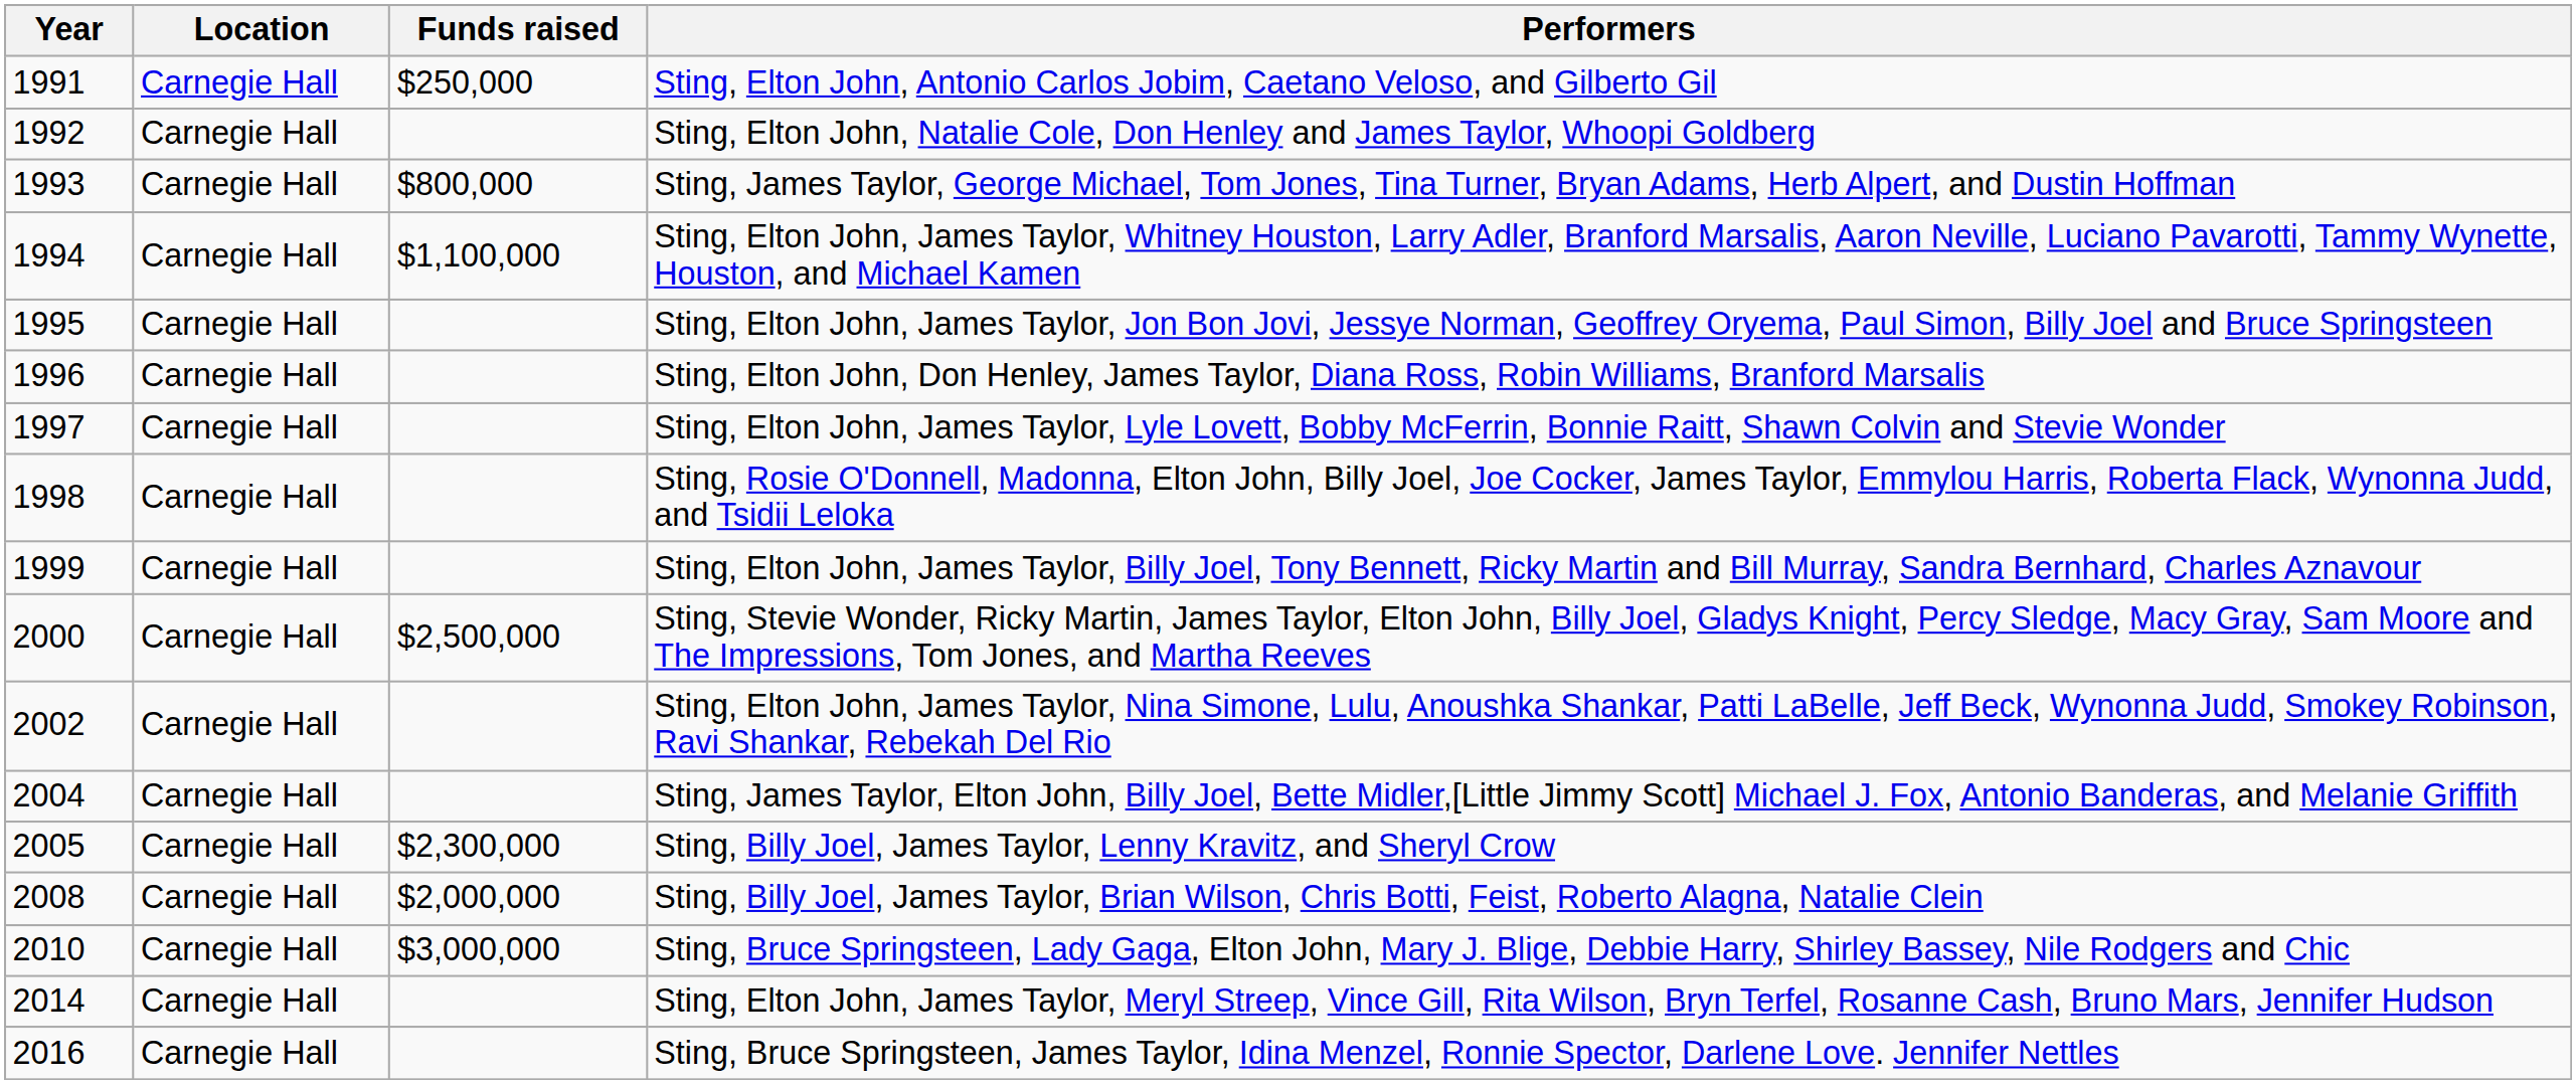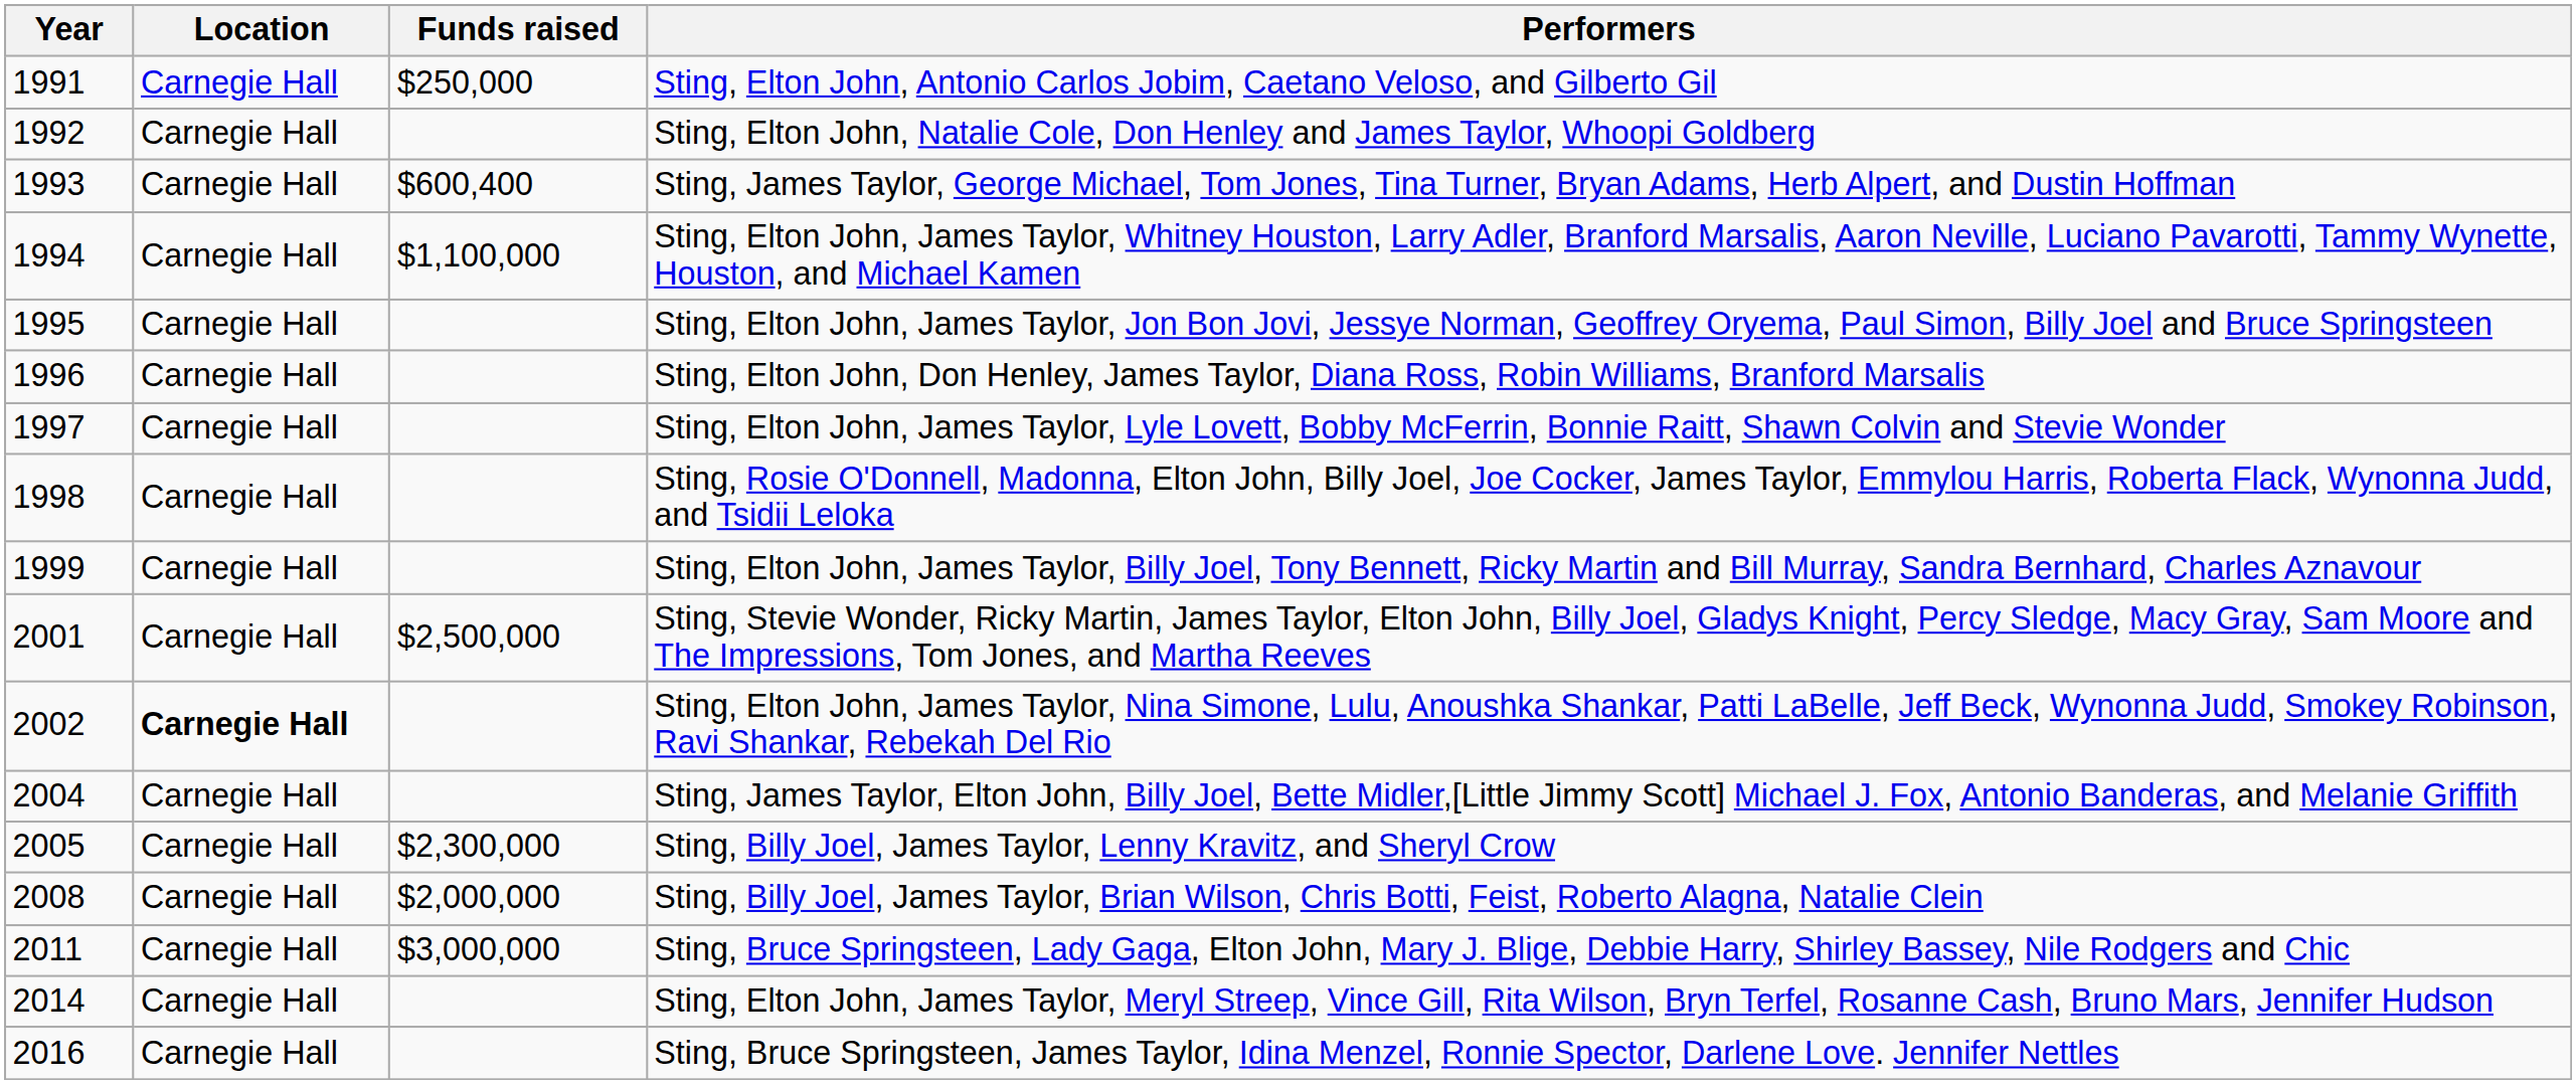 <table class="wikitable sortable collapsible" style="width:100%">
 <tr>
 <th width=5%>Year</th>
 <th width=10%>Location</th>
 <th width=10%>Funds raised</th>
 <th width=75%>Performers</th>
 </tr>
 <tr>
 <td>1991</td>
 <td><a href='#'>Carnegie Hall</a></td>
 <td>$250,000</td>
 <td><a href='#'>Sting</a>, <a href='#'>Elton John</a>, <a href='#'>Antonio Carlos Jobim</a>, <a href='#'>Caetano Veloso</a>, and <a href='#'>Gilberto Gil</a></td>
 </tr>
 <tr>
 <td>1992</td>
 <td>Carnegie Hall</td>
 <td></td>
 <td>Sting, Elton John, <a href='#'>Natalie Cole</a>, <a href='#'>Don Henley</a> and <a href='#'>James Taylor</a>, <a href='#'>Whoopi Goldberg</a></td>
 </tr>
 <tr>
 <td>1993</td>
 <td>Carnegie Hall</td>
-<td>$800,000</td>
+<td>$600,400</td>
 <td>Sting, James Taylor, <a href='#'>George Michael</a>, <a href='#'>Tom Jones</a>, <a href='#'>Tina Turner</a>, <a href='#'>Bryan Adams</a>, <a href='#'>Herb Alpert</a>, and <a href='#'>Dustin Hoffman</a></td>
 </tr>
 <tr>
 <td>1994</td>
 <td>Carnegie Hall</td>
 <td>$1,100,000</td>
 <td>Sting, Elton John, James Taylor, <a href='#'>Whitney Houston</a>, <a href='#'>Larry Adler</a>, <a href='#'>Branford Marsalis</a>, <a href='#'>Aaron Neville</a>, <a href='#'>Luciano Pavarotti</a>, <a href='#'>Tammy Wynette</a>, <a href='#'>Houston</a>, and <a href='#'>Michael Kamen</a></td>
 </tr>
 <tr>
 <td>1995</td>
 <td>Carnegie Hall</td>
 <td></td>
 <td>Sting, Elton John, James Taylor, <a href='#'>Jon Bon Jovi</a>, <a href='#'>Jessye Norman</a>, <a href='#'>Geoffrey Oryema</a>, <a href='#'>Paul Simon</a>, <a href='#'>Billy Joel</a> and <a href='#'>Bruce Springsteen</a></td>
 </tr>
 <tr>
 <td>1996</td>
 <td>Carnegie Hall</td>
 <td></td>
 <td>Sting, Elton John, Don Henley, James Taylor, <a href='#'>Diana Ross</a>, <a href='#'>Robin Williams</a>, <a href='#'>Branford Marsalis</a></td>
 </tr>
 <tr>
 <td>1997</td>
 <td>Carnegie Hall</td>
 <td></td>
 <td>Sting, Elton John, James Taylor, <a href='#'>Lyle Lovett</a>, <a href='#'>Bobby McFerrin</a>, <a href='#'>Bonnie Raitt</a>, <a href='#'>Shawn Colvin</a> and <a href='#'>Stevie Wonder</a></td>
 </tr>
 <tr>
 <td>1998</td>
 <td>Carnegie Hall</td>
 <td></td>
 <td>Sting, <a href='#'>Rosie O'Donnell</a>, <a href='#'>Madonna</a>, Elton John, Billy Joel, <a href='#'>Joe Cocker</a>, James Taylor, <a href='#'>Emmylou Harris</a>, <a href='#'>Roberta Flack</a>, <a href='#'>Wynonna Judd</a>, and <a href='#'>Tsidii Leloka</a></td>
 </tr>
 <tr>
 <td>1999</td>
 <td>Carnegie Hall</td>
 <td></td>
 <td>Sting, Elton John, James Taylor, <a href='#'>Billy Joel</a>, <a href='#'>Tony Bennett</a>, <a href='#'>Ricky Martin</a> and <a href='#'>Bill Murray</a>, <a href='#'>Sandra Bernhard</a>, <a href='#'>Charles Aznavour</a></td>
 </tr>
 <tr>
-<td>2000</td>
+<td>2001</td>
 <td>Carnegie Hall</td>
 <td>$2,500,000</td>
 <td>Sting, Stevie Wonder, Ricky Martin, James Taylor, Elton John, <a href='#'>Billy Joel</a>, <a href='#'>Gladys Knight</a>, <a href='#'>Percy Sledge</a>, <a href='#'>Macy Gray</a>, <a href='#'>Sam Moore</a> and <a href='#'>The Impressions</a>, Tom Jones, and <a href='#'>Martha Reeves</a></td>
 </tr>
 <tr>
 <td>2002</td>
-<td>Carnegie Hall</td>
+<td><strong>Carnegie Hall</strong></td>
 <td></td>
 <td>Sting, Elton John, James Taylor, <a href='#'>Nina Simone</a>, <a href='#'>Lulu</a>, <a href='#'>Anoushka Shankar</a>, <a href='#'>Patti LaBelle</a>, <a href='#'>Jeff Beck</a>, <a href='#'>Wynonna Judd</a>, <a href='#'>Smokey Robinson</a>, <a href='#'>Ravi Shankar</a>, <a href='#'>Rebekah Del Rio</a>  </td>
 </tr>
 <tr>
 <td>2004</td>
 <td>Carnegie Hall</td>
 <td></td>
 <td>Sting, James Taylor, Elton John, <a href='#'>Billy Joel</a>, <a href='#'>Bette Midler</a>,[Little Jimmy Scott] <a href='#'>Michael J. Fox</a>, <a href='#'>Antonio Banderas</a>, and <a href='#'>Melanie Griffith</a></td>
 </tr>
 <tr>
 <td>2005</td>
 <td>Carnegie Hall</td>
 <td>$2,300,000</td>
 <td>Sting, <a href='#'>Billy Joel</a>, James Taylor, <a href='#'>Lenny Kravitz</a>, and <a href='#'>Sheryl Crow</a></td>
 </tr>
 <tr>
 <td>2008</td>
 <td>Carnegie Hall</td>
 <td>$2,000,000</td>
 <td>Sting, <a href='#'>Billy Joel</a>, James Taylor, <a href='#'>Brian Wilson</a>, <a href='#'>Chris Botti</a>, <a href='#'>Feist</a>, <a href='#'>Roberto Alagna</a>, <a href='#'>Natalie Clein</a></td>
 </tr>
 <tr>
-<td>2010</td>
+<td>2011</td>
 <td>Carnegie Hall</td>
 <td>$3,000,000</td>
 <td>Sting, <a href='#'>Bruce Springsteen</a>, <a href='#'>Lady Gaga</a>, Elton John,  <a href='#'>Mary J. Blige</a>, <a href='#'>Debbie Harry</a>, <a href='#'>Shirley Bassey</a>, <a href='#'>Nile Rodgers</a> and <a href='#'>Chic</a></td>
 </tr>
 <tr>
 <td>2014</td>
 <td>Carnegie Hall</td>
 <td></td>
 <td>Sting, Elton John, James Taylor, <a href='#'>Meryl Streep</a>, <a href='#'>Vince Gill</a>, <a href='#'>Rita Wilson</a>, <a href='#'>Bryn Terfel</a>, <a href='#'>Rosanne Cash</a>, <a href='#'>Bruno Mars</a>, <a href='#'>Jennifer Hudson</a></td>
 </tr>
 <tr>
 <td>2016</td>
 <td>Carnegie Hall</td>
 <td></td>
 <td>Sting, Bruce Springsteen, James Taylor, <a href='#'>Idina Menzel</a>, <a href='#'>Ronnie Spector</a>, <a href='#'>Darlene Love</a>. <a href='#'>Jennifer Nettles</a></td>
 </tr>
 <tr>
 </tr>
 </table>
